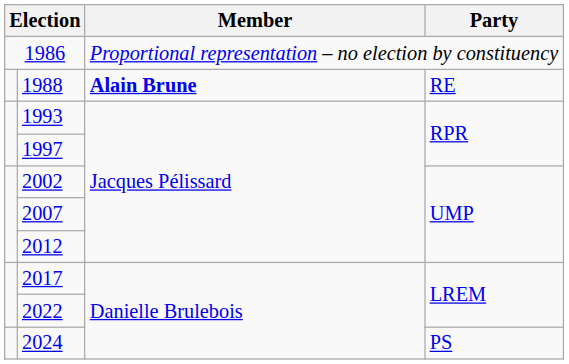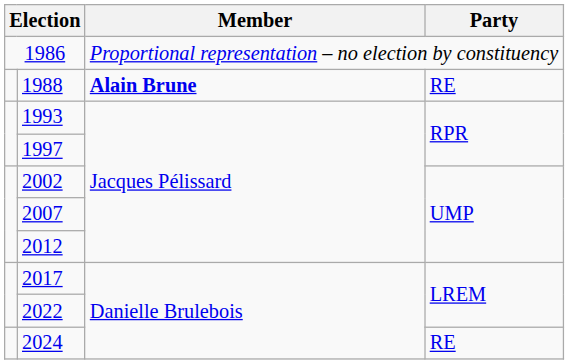 <table class="wikitable">
 <tr>
 <th colspan="2">Election</th>
 <th>Member</th>
 <th>Party</th>
 </tr>
 <tr>
 <td colspan="2" align="center"><a href='#'>1986</a></td>
 <td colspan="2"><em><a href='#'>Proportional representation</a> – no election by constituency</em></td>
 </tr>
 <tr>
 <td style="color:inherit;background-color: "></td>
 <td><a href='#'>1988</a></td>
 <td><strong><a href='#'>Alain Brune</a></strong></td>
 <td><a href='#'>RE</a></td>
 </tr>
 <tr>
 <td rowspan="2" style="color:inherit;background-color: "></td>
 <td><a href='#'>1993</a></td>
 <td rowspan="5"><a href='#'>Jacques Pélissard</a></td>
 <td rowspan="2"><a href='#'>RPR</a></td>
 </tr>
 <tr>
 <td><a href='#'>1997</a></td>
 </tr>
 <tr>
 <td rowspan="3" style="color:inherit;background-color: "></td>
 <td><a href='#'>2002</a></td>
 <td rowspan="3"><a href='#'>UMP</a></td>
 </tr>
 <tr>
 <td><a href='#'>2007</a></td>
 </tr>
 <tr>
 <td><a href='#'>2012</a></td>
 </tr>
 <tr>
 <td rowspan="2" style="color:inherit;background-color: "></td>
 <td><a href='#'>2017</a></td>
 <td rowspan="3"><a href='#'>Danielle Brulebois</a></td>
 <td rowspan="2"><a href='#'>LREM</a></td>
 </tr>
 <tr>
 <td><a href='#'>2022</a></td>
 </tr>
 <tr>
 <td style="color:inherit;background-color: "></td>
 <td><a href='#'>2024</a></td>
-<td><a href='#'>PS</a></td>
+<td><a href='#'>RE</a></td>
 </tr>
 </table>
